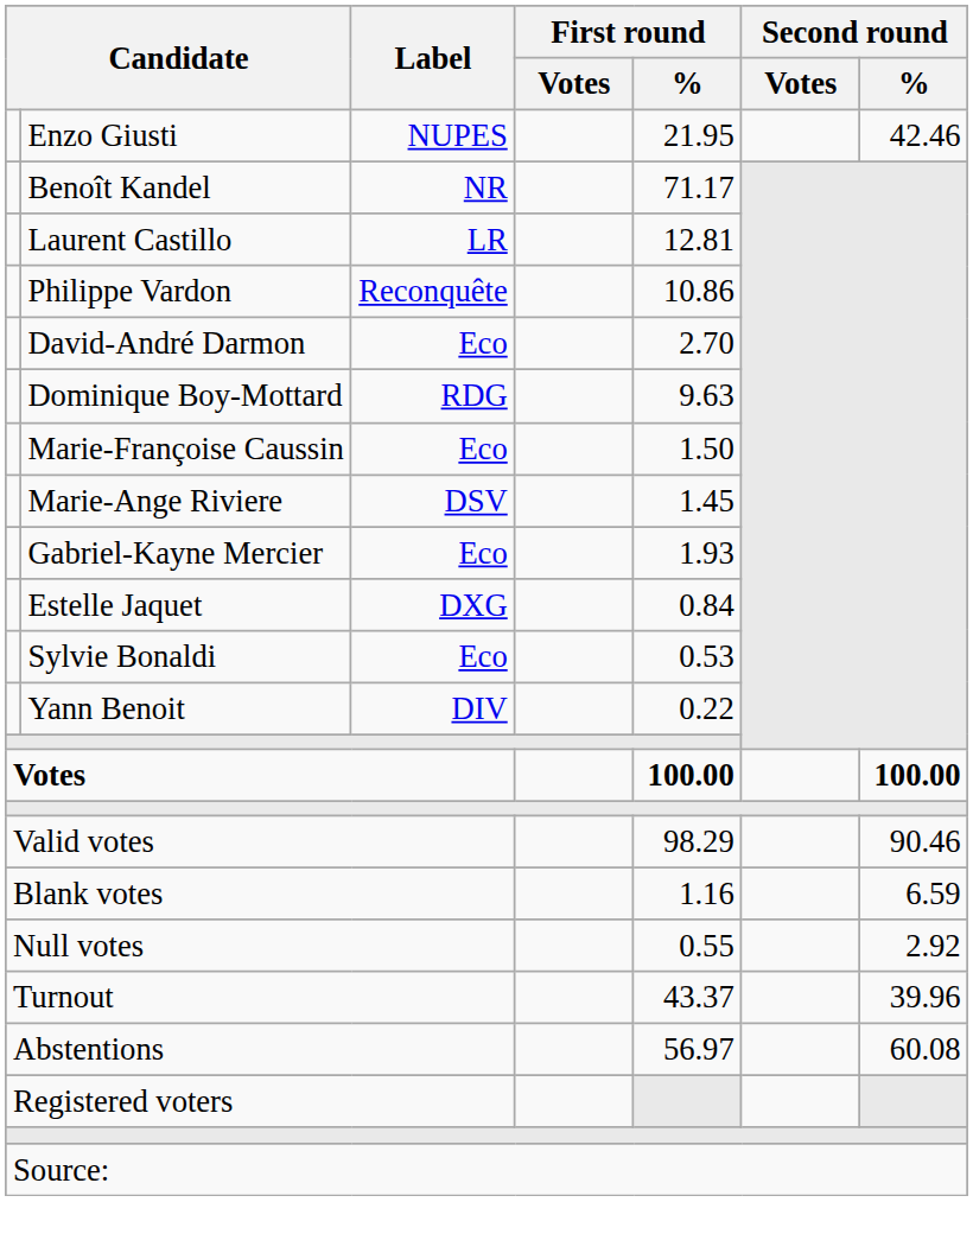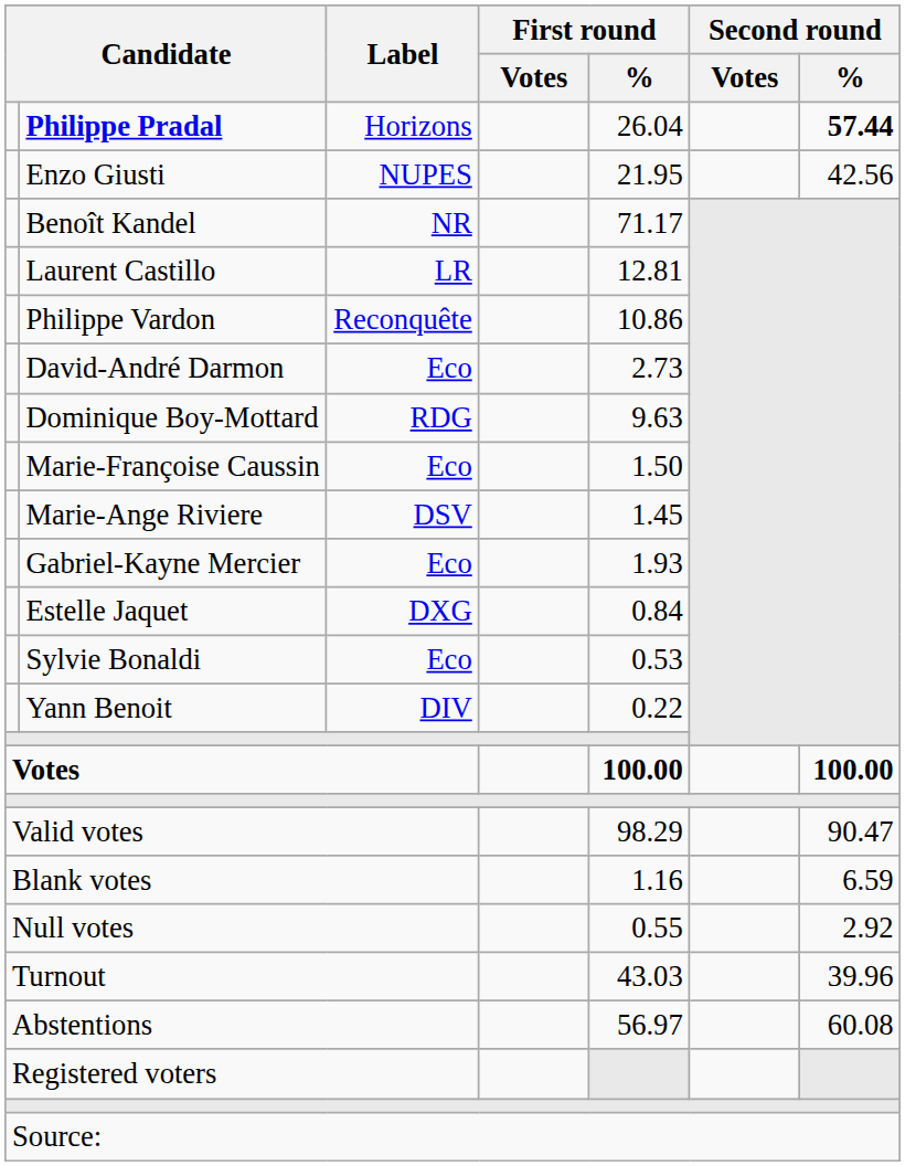 <table class="wikitable" style="text-align:right;font-size:95%;">
 <tr>
 <th rowspan="2" colspan="2">Candidate</th>
 <th rowspan="2">Label</th>
 <th colspan="2">First round</th>
 <th colspan="2">Second round</th>
 </tr>
 <tr>
 <th style="width:50px;">Votes</th>
 <th style="width:45px;">%</th>
 <th style="width:50px;">Votes</th>
 <th style="width:45px;">%</th>
 </tr>
 <tr>
 <td style="color:inherit;background:"></td>
+<td style="text-align:left;"><strong><a href='#'>Philippe Pradal</a></strong></td>
+<td><a href='#'>Horizons</a></td>
+<td></td>
+<td>26.04</td>
+<td><strong></strong></td>
+<td><strong>57.44</strong></td>
+</tr>
+<tr>
+<td style="color:inherit;background:"></td>
 <td style="text-align:left;">Enzo Giusti</td>
 <td><a href='#'>NUPES</a></td>
 <td></td>
 <td>21.95</td>
 <td></td>
-<td>42.46</td>
+<td>42.56</td>
 </tr>
 <tr>
 <td style="color:inherit;background:"></td>
 <td style="text-align:left;">Benoît Kandel</td>
 <td><a href='#'>NR</a></td>
 <td></td>
 <td>71.17</td>
 <td colspan="2" rowspan="12" style="background:#E9E9E9;"></td>
 </tr>
 <tr>
 <td style="color:inherit;background:"></td>
 <td style="text-align:left;">Laurent Castillo</td>
 <td><a href='#'>LR</a></td>
 <td></td>
 <td>12.81</td>
 </tr>
 <tr>
 <td style="color:inherit;background:"></td>
 <td style="text-align:left;">Philippe Vardon</td>
 <td><a href='#'>Reconquête</a></td>
 <td></td>
 <td>10.86</td>
 </tr>
 <tr>
 <td style="color:inherit;background:"></td>
 <td style="text-align:left;">David-André Darmon</td>
 <td><a href='#'>Eco</a></td>
 <td></td>
-<td>2.70</td>
+<td>2.73</td>
 </tr>
 <tr>
 <td style="color:inherit;background:"></td>
 <td style="text-align:left;">Dominique Boy-Mottard</td>
 <td><a href='#'>RDG</a></td>
 <td></td>
 <td>9.63</td>
 </tr>
 <tr>
 <td style="color:inherit;background:"></td>
 <td style="text-align:left;">Marie-Françoise Caussin</td>
 <td><a href='#'>Eco</a></td>
 <td></td>
 <td>1.50</td>
 </tr>
 <tr>
 <td style="color:inherit;background:"></td>
 <td style="text-align:left;">Marie-Ange Riviere</td>
 <td><a href='#'>DSV</a></td>
 <td></td>
 <td>1.45</td>
 </tr>
 <tr>
 <td style="color:inherit;background:"></td>
 <td style="text-align:left;">Gabriel-Kayne Mercier</td>
 <td><a href='#'>Eco</a></td>
 <td></td>
 <td>1.93</td>
 </tr>
 <tr>
 <td style="color:inherit;background:"></td>
 <td style="text-align:left;">Estelle Jaquet</td>
 <td><a href='#'>DXG</a></td>
 <td></td>
 <td>0.84</td>
 </tr>
 <tr>
 <td style="color:inherit;background:"></td>
 <td style="text-align:left;">Sylvie Bonaldi</td>
 <td><a href='#'>Eco</a></td>
 <td></td>
 <td>0.53</td>
 </tr>
 <tr>
 <td style="color:inherit;background:"></td>
 <td style="text-align:left;">Yann Benoit</td>
 <td><a href='#'>DIV</a></td>
 <td></td>
 <td>0.22</td>
 </tr>
 <tr>
 <td colspan="7" style="background:#E9E9E9;"></td>
 </tr>
 <tr style="font-weight:bold;">
 <td colspan="3" style="text-align:left;">Votes</td>
 <td></td>
 <td>100.00</td>
 <td></td>
 <td>100.00</td>
 </tr>
 <tr>
 <td colspan="7" style="background:#E9E9E9;"></td>
 </tr>
 <tr>
 <td colspan="3" style="text-align:left;">Valid votes</td>
 <td></td>
 <td>98.29</td>
 <td></td>
-<td>90.46</td>
+<td>90.47</td>
 </tr>
 <tr>
 <td colspan="3" style="text-align:left;">Blank votes</td>
 <td></td>
 <td>1.16</td>
 <td></td>
 <td>6.59</td>
 </tr>
 <tr>
 <td colspan="3" style="text-align:left;">Null votes</td>
 <td></td>
 <td>0.55</td>
 <td></td>
 <td>2.92</td>
 </tr>
 <tr>
 <td colspan="3" style="text-align:left;">Turnout</td>
 <td></td>
-<td>43.37</td>
+<td>43.03</td>
 <td></td>
 <td>39.96</td>
 </tr>
 <tr>
 <td colspan="3" style="text-align:left;">Abstentions</td>
 <td></td>
 <td>56.97</td>
 <td></td>
 <td>60.08</td>
 </tr>
 <tr>
 <td colspan="3" style="text-align:left;">Registered voters</td>
 <td></td>
 <td style="background:#E9E9E9;"></td>
 <td></td>
 <td style="background:#E9E9E9;"></td>
 </tr>
 <tr>
 <td colspan="7" style="background:#E9E9E9;"></td>
 </tr>
 <tr>
 <td colspan="7" style="text-align:left;">Source: </td>
 </tr>
 </table>
